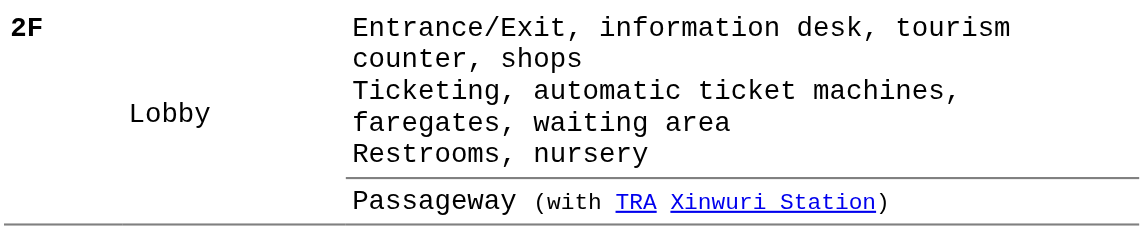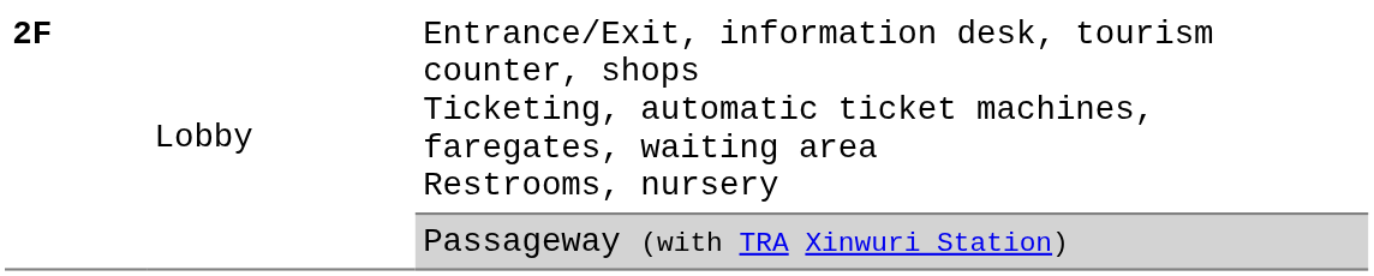 <table border=0 cellspacing=0 cellpadding=3>
 <tr>
 <td style="border-bottom:solid 1px gray;border-top:solid 1px white;" width=50 rowspan=8 valign=top><strong>2F</strong></td>
 <td style="border-top:solid 1px white;border-bottom:solid 1px gray;" width=100 rowspan=2>Lobby</td>
 <td style="border-top:solid 1px white;border-bottom:solid 0px gray;" width=370 valign=top>Entrance/Exit, information desk, tourism counter, shops<br>Ticketing, automatic ticket machines, faregates, waiting area<br>Restrooms, nursery</td>
 </tr>
 <tr>
-<td style="border-bottom:solid 1px gray;border-top:solid 1px gray;">Passageway <small>(with <a href='#'>TRA</a> <a href='#'>Xinwuri Station</a>)</small></td>
+<td style="background: lightgrey; border-bottom:solid 1px gray;border-top:solid 1px gray;">Passageway <small>(with <a href='#'>TRA</a> <a href='#'>Xinwuri Station</a>)</small></td>
 </tr>
 </table>
